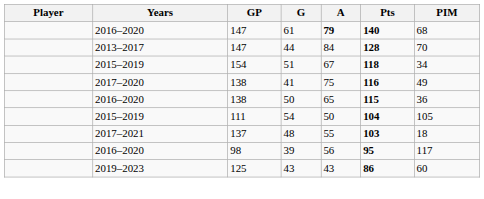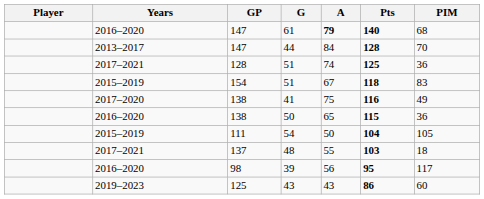 <table class="wikitable sortable" width ="700" cellpadding="1" border="1" cellspacing="0">
 <tr>
 <th>Player</th>
 <th>Years</th>
 <th>GP</th>
 <th>G</th>
 <th>A</th>
 <th>Pts</th>
 <th>PIM</th>
 </tr>
 <tr>
 <td></td>
 <td>2016–2020</td>
 <td>147</td>
 <td>61</td>
 <td><strong>79</strong></td>
 <td><strong>140</strong></td>
 <td>68</td>
 </tr>
 <tr>
 <td></td>
 <td>2013–2017</td>
 <td>147</td>
 <td>44</td>
 <td>84</td>
 <td><strong>128</strong></td>
 <td>70</td>
 </tr>
 <tr>
 <td></td>
+<td>2017–2021</td>
+<td>128</td>
+<td>51</td>
+<td>74</td>
+<td><strong>125</strong></td>
+<td>36</td>
+</tr>
+<tr>
+<td></td>
 <td>2015–2019</td>
 <td>154</td>
 <td>51</td>
 <td>67</td>
 <td><strong>118</strong></td>
-<td>34</td>
+<td>83</td>
 </tr>
 <tr>
 <td></td>
 <td>2017–2020</td>
 <td>138</td>
 <td>41</td>
 <td>75</td>
 <td><strong>116</strong></td>
 <td>49</td>
 </tr>
 <tr>
 <td></td>
 <td>2016–2020</td>
 <td>138</td>
 <td>50</td>
 <td>65</td>
 <td><strong>115</strong></td>
 <td>36</td>
 </tr>
 <tr>
 <td></td>
 <td>2015–2019</td>
 <td>111</td>
 <td>54</td>
 <td>50</td>
 <td><strong>104</strong></td>
 <td>105</td>
 </tr>
 <tr>
 <td></td>
 <td>2017–2021</td>
 <td>137</td>
 <td>48</td>
 <td>55</td>
 <td><strong>103</strong></td>
 <td>18</td>
 </tr>
 <tr>
 <td></td>
 <td>2016–2020</td>
 <td>98</td>
 <td>39</td>
 <td>56</td>
 <td><strong>95</strong></td>
 <td>117</td>
 </tr>
 <tr>
 <td></td>
 <td>2019–2023</td>
 <td>125</td>
 <td>43</td>
 <td>43</td>
 <td><strong>86</strong></td>
 <td>60</td>
 </tr>
 </table>
